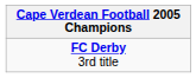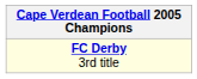 <table class="wikitable" style="margin: 0 auto; width: 240px;">
 <tr>
 <th><a href='#'>Cape Verdean Football</a> 2005<br>Champions</th>
 </tr>
 <tr>
-<td align=center><strong><a href='#'>FC Derby</a></strong><br>3rd title</td>
+<td align=center style="background: lightyellow;"><strong><a href='#'>FC Derby</a></strong><br>3rd title</td>
 </tr>
 </table>
